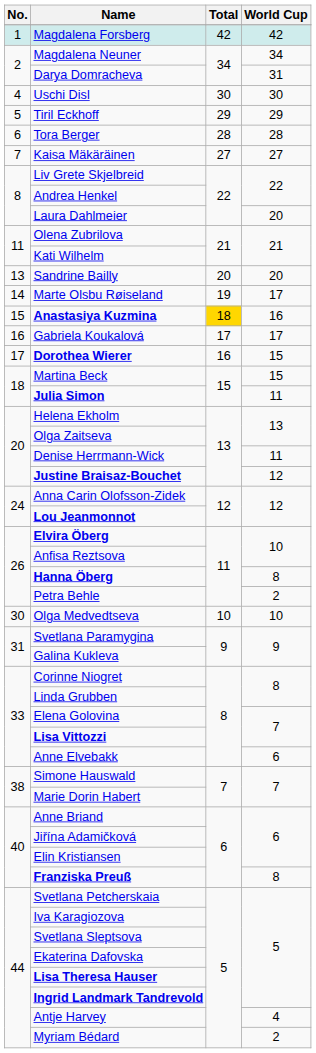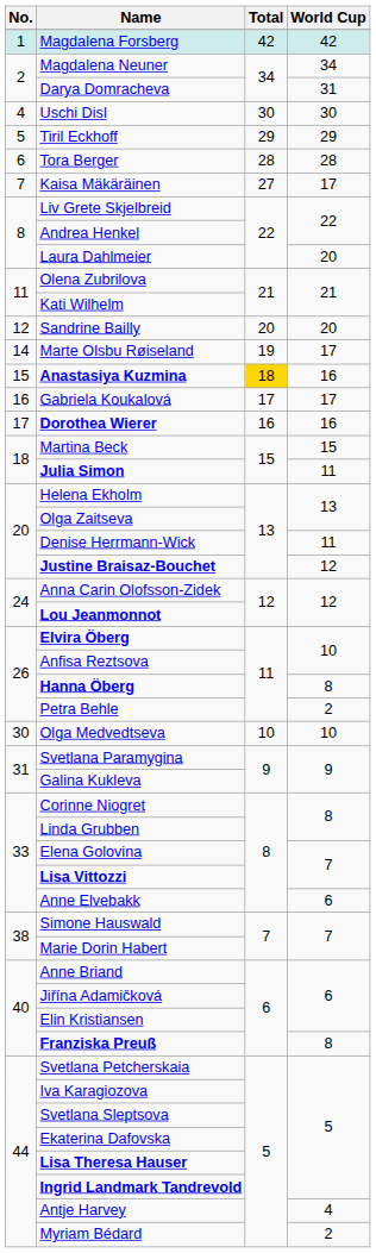 <table class="wikitable sortable" style="display:inline-table;">
 <tr>
 <th>No.</th>
 <th>Name</th>
 <th>Total</th>
 <th>World Cup</th>
 </tr>
 <tr>
 </tr>
 <tr style="background:#CFECEC">
 <td style="text-align:center">1</td>
 <td> <a href='#'>Magdalena Forsberg</a></td>
 <td style="text-align:center">42</td>
 <td style="text-align:center">42</td>
 </tr>
 <tr>
 <td rowspan=2 style="text-align:center">2</td>
 <td> <a href='#'>Magdalena Neuner</a></td>
 <td rowspan=2 style="text-align:center">34</td>
 <td style="text-align:center">34</td>
 </tr>
 <tr>
 <td> <a href='#'>Darya Domracheva</a></td>
 <td style="text-align:center">31</td>
 </tr>
 <tr>
 <td style="text-align:center">4</td>
 <td> <a href='#'>Uschi Disl</a></td>
 <td style="text-align:center">30</td>
 <td style="text-align:center">30</td>
 </tr>
 <tr>
 <td style="text-align:center">5</td>
 <td> <a href='#'>Tiril Eckhoff</a></td>
 <td style="text-align:center">29</td>
 <td style="text-align:center">29</td>
 </tr>
 <tr>
 <td style="text-align:center">6</td>
 <td> <a href='#'>Tora Berger</a></td>
 <td style="text-align:center">28</td>
 <td style="text-align:center">28</td>
 </tr>
 <tr>
 <td style="text-align:center">7</td>
 <td> <a href='#'>Kaisa Mäkäräinen</a></td>
 <td style="text-align:center">27</td>
-<td style="text-align:center">27</td>
+<td style="text-align:center">17</td>
 </tr>
 <tr>
 <td rowspan=3 style="text-align:center">8</td>
 <td> <a href='#'>Liv Grete Skjelbreid</a></td>
 <td rowspan=3 style="text-align:center">22</td>
 <td rowspan=2 style="text-align:center">22</td>
 </tr>
 <tr>
 <td> <a href='#'>Andrea Henkel</a></td>
 </tr>
 <tr>
 <td> <a href='#'>Laura Dahlmeier</a></td>
 <td style="text-align:center">20</td>
 </tr>
 <tr>
 <td rowspan=2 style="text-align:center">11</td>
 <td>  <a href='#'>Olena Zubrilova</a></td>
 <td rowspan=2 style="text-align:center">21</td>
 <td rowspan=2 style="text-align:center">21</td>
 </tr>
 <tr>
 <td> <a href='#'>Kati Wilhelm</a></td>
 </tr>
 <tr>
-<td style="text-align:center">13</td>
+<td style="text-align:center">12</td>
 <td> <a href='#'>Sandrine Bailly</a></td>
 <td style="text-align:center">20</td>
 <td style="text-align:center">20</td>
 </tr>
 <tr>
 <td style="text-align:center">14</td>
 <td> <a href='#'>Marte Olsbu Røiseland</a></td>
 <td style="text-align:center">19</td>
 <td style="text-align:center">17</td>
 </tr>
 <tr>
 <td style="text-align:center">15</td>
 <td> <strong><a href='#'>Anastasiya Kuzmina</a></strong></td>
 <td style="background: gold; text-align:center">18</td>
 <td style="text-align:center">16</td>
 </tr>
 <tr>
 <td style="text-align:center">16</td>
 <td> <a href='#'>Gabriela Koukalová</a></td>
 <td style="text-align:center">17</td>
 <td style="text-align:center">17</td>
 </tr>
 <tr>
 <td style="text-align:center">17</td>
 <td> <strong><a href='#'>Dorothea Wierer</a></strong></td>
 <td style="text-align:center">16</td>
-<td style="text-align:center">15</td>
+<td style="text-align:center">16</td>
 </tr>
 <tr>
 <td rowspan=2 style="text-align:center">18</td>
 <td> <a href='#'>Martina Beck</a></td>
 <td rowspan=2 style="text-align:center">15</td>
 <td style="text-align:center">15</td>
 </tr>
 <tr>
 <td> <strong><a href='#'>Julia Simon</a></strong></td>
 <td style="text-align:center">11</td>
 </tr>
 <tr>
 <td rowspan=4 style="text-align:center">20</td>
 <td> <a href='#'>Helena Ekholm</a></td>
 <td rowspan=4 style="text-align:center">13</td>
 <td rowspan=2 style="text-align:center">13</td>
 </tr>
 <tr>
 <td> <a href='#'>Olga Zaitseva</a></td>
 </tr>
 <tr>
 <td> <a href='#'>Denise Herrmann-Wick</a></td>
 <td style="text-align:center">11</td>
 </tr>
 <tr>
 <td> <strong><a href='#'>Justine Braisaz-Bouchet</a></strong></td>
 <td style="text-align:center">12</td>
 </tr>
 <tr>
 <td rowspan=2 style="text-align:center">24</td>
 <td> <a href='#'>Anna Carin Olofsson-Zidek</a></td>
 <td rowspan=2 style="text-align:center">12</td>
 <td rowspan=2 style="text-align:center">12</td>
 </tr>
 <tr>
 <td> <strong><a href='#'>Lou Jeanmonnot</a></strong></td>
 </tr>
 <tr>
 <td rowspan=4 style="text-align:center">26</td>
 <td> <strong><a href='#'>Elvira Öberg</a></strong></td>
 <td rowspan=4 style="text-align:center">11</td>
 <td rowspan=2 style="text-align:center">10</td>
 </tr>
 <tr>
 <td>  <a href='#'>Anfisa Reztsova</a></td>
 </tr>
 <tr>
 <td> <strong><a href='#'>Hanna Öberg</a></strong></td>
 <td style="text-align:center">8</td>
 </tr>
 <tr>
 <td> <a href='#'>Petra Behle</a></td>
 <td style="text-align:center">2</td>
 </tr>
 <tr>
 <td style="text-align:center">30</td>
 <td> <a href='#'>Olga Medvedtseva</a></td>
 <td style="text-align:center">10</td>
 <td style="text-align:center">10</td>
 </tr>
 <tr>
 <td rowspan=2 style="text-align:center">31</td>
 <td> <a href='#'>Svetlana Paramygina</a></td>
 <td rowspan=2 style="text-align:center">9</td>
 <td rowspan=2 style="text-align:center">9</td>
 </tr>
 <tr>
 <td> <a href='#'>Galina Kukleva</a></td>
 </tr>
 <tr>
 <td rowspan=5 style="text-align:center">33</td>
 <td> <a href='#'>Corinne Niogret</a></td>
 <td rowspan=5 style="text-align:center">8</td>
 <td rowspan=2 style="text-align:center">8</td>
 </tr>
 <tr>
 <td> <a href='#'>Linda Grubben</a></td>
 </tr>
 <tr>
 <td> <a href='#'>Elena Golovina</a></td>
 <td rowspan=2 style="text-align:center">7</td>
 </tr>
 <tr>
 <td> <strong><a href='#'>Lisa Vittozzi</a></strong></td>
 </tr>
 <tr>
 <td> <a href='#'>Anne Elvebakk</a></td>
 <td style="text-align:center">6</td>
 </tr>
 <tr>
 <td rowspan=2 style="text-align:center">38</td>
 <td> <a href='#'>Simone Hauswald</a></td>
 <td rowspan=2 style="text-align:center">7</td>
 <td rowspan=2 style="text-align:center">7</td>
 </tr>
 <tr>
 <td> <a href='#'>Marie Dorin Habert</a></td>
 </tr>
 <tr>
 <td rowspan=4 style="text-align:center">40</td>
 <td> <a href='#'>Anne Briand</a></td>
 <td rowspan=4 style="text-align:center">6</td>
 <td rowspan=3 style="text-align:center">6</td>
 </tr>
 <tr>
 <td> <a href='#'>Jiřína Adamičková</a></td>
 </tr>
 <tr>
 <td> <a href='#'>Elin Kristiansen</a></td>
 </tr>
 <tr>
 <td> <strong><a href='#'>Franziska Preuß</a></strong></td>
 <td style="text-align:center">8</td>
 </tr>
 <tr>
 <td rowspan=8 style="text-align:center">44</td>
 <td>  <a href='#'>Svetlana Petcherskaia</a></td>
 <td rowspan=8 style="text-align:center">5</td>
 <td rowspan=6 style="text-align:center">5</td>
 </tr>
 <tr>
 <td> <a href='#'>Iva Karagiozova</a></td>
 </tr>
 <tr>
 <td> <a href='#'>Svetlana Sleptsova</a></td>
 </tr>
 <tr>
 <td> <a href='#'>Ekaterina Dafovska</a></td>
 </tr>
 <tr>
 <td> <strong><a href='#'>Lisa Theresa Hauser</a></strong></td>
 </tr>
 <tr>
 <td> <strong><a href='#'>Ingrid Landmark Tandrevold</a></strong></td>
 </tr>
 <tr>
 <td> <a href='#'>Antje Harvey</a></td>
 <td style="text-align:center">4</td>
 </tr>
 <tr>
 <td> <a href='#'>Myriam Bédard</a></td>
 <td style="text-align:center">2</td>
 </tr>
 </table>
